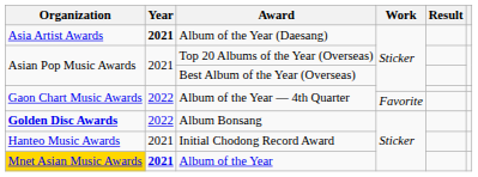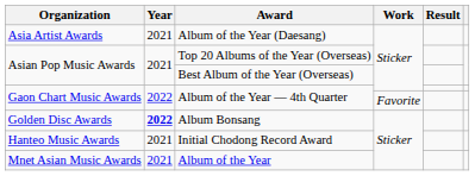 <table class="wikitable plainrowheaders">
 <tr>
 <th scope="col">Organization</th>
 <th scope="col">Year</th>
 <th scope="col">Award</th>
 <th scope="col">Work</th>
 <th scope="col">Result</th>
 <th scope="col" unsortable></th>
 </tr>
 <tr>
 <td scope="row"><a href='#'>Asia Artist Awards</a></td>
-<td><strong>2021</strong></td>
+<td>2021</td>
 <td>Album of the Year (Daesang)</td>
 <td rowspan="4"><em>Sticker</em></td>
 <td></td>
 <td style="text-align:center"></td>
 </tr>
 <tr>
 <td rowspan="2" scope="row">Asian Pop Music Awards</td>
 <td rowspan="2" style="text-align:center">2021</td>
 <td>Top 20 Albums of the Year (Overseas)</td>
 <td></td>
 <td align="center" rowspan="2"></td>
 </tr>
 <tr>
 <td>Best Album of the Year (Overseas)</td>
 <td></td>
 </tr>
 <tr>
 <td rowspan="2" scope="row"><a href='#'>Gaon Chart Music Awards</a></td>
 <td rowspan="2"><a href='#'>2022</a></td>
 <td rowspan="2">Album of the Year — 4th Quarter</td>
 <td></td>
 <td style="text-align:center"></td>
 </tr>
 <tr>
 <td><em>Favorite</em></td>
 <td></td>
 <td align="center"></td>
 </tr>
 <tr>
-<td scope="row"><strong><a href='#'>Golden Disc Awards</a></strong></td>
-<td><a href='#'>2022</a></td>
+<td scope="row"><a href='#'>Golden Disc Awards</a></td>
+<td><strong><a href='#'>2022</a></strong></td>
 <td>Album Bonsang</td>
 <td rowspan="5"><em>Sticker</em></td>
 <td></td>
 <td style="text-align:center"></td>
 </tr>
 <tr>
 <td scope="row"><a href='#'>Hanteo Music Awards</a></td>
 <td>2021</td>
 <td>Initial Chodong Record Award</td>
 <td></td>
 <td align="center"></td>
 </tr>
 <tr>
-<td scope="row" style="background: gold;"><a href='#'>Mnet Asian Music Awards</a></td>
-<td><strong><a href='#'>2021</a></strong></td>
+<td scope="row"><a href='#'>Mnet Asian Music Awards</a></td>
+<td><a href='#'>2021</a></td>
 <td><a href='#'>Album of the Year</a></td>
 <td></td>
 <td align="center"></td>
 </tr>
 </table>
